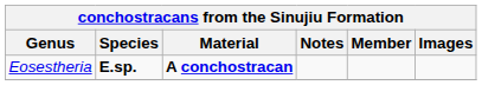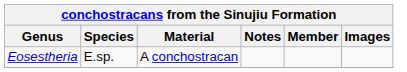 <table class="wikitable">
 <tr>
 <th colspan="6"><strong><a href='#'>conchostracans</a> from the Sinujiu Formation</strong></th>
 </tr>
 <tr>
 <th>Genus</th>
 <th>Species</th>
 <th>Material</th>
 <th>Notes</th>
 <th>Member</th>
 <th>Images</th>
 </tr>
 <tr>
 <td><em><a href='#'>Eosestheria</a></em></td>
-<td><strong>E.sp.</strong></td>
-<td><strong>A <a href='#'>conchostracan</a></strong></td>
+<td>E.sp.</td>
+<td>A <a href='#'>conchostracan</a></td>
 <td></td>
 <td></td>
 <td></td>
 </tr>
 <tr>
 </tr>
 </table>
